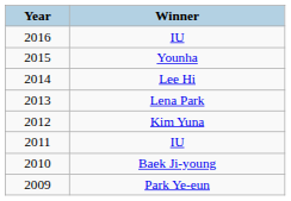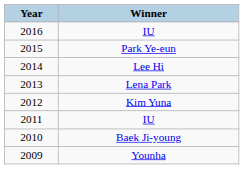 <table class="wikitable" style="text-align: center">
 <tr>
 <th width="70" style="background:#b3d1e3;">Year</th>
 <th width="250" style="background:#b3d1e3;">Winner</th>
 </tr>
 <tr>
 <td>2016</td>
 <td><a href='#'>IU</a></td>
 </tr>
 <tr>
 <td>2015</td>
-<td><a href='#'>Younha</a></td>
+<td><a href='#'>Park Ye-eun</a></td>
 </tr>
 <tr>
 <td>2014</td>
 <td><a href='#'>Lee Hi</a></td>
 </tr>
 <tr>
 <td>2013</td>
 <td><a href='#'>Lena Park</a></td>
 </tr>
 <tr>
 <td>2012</td>
 <td><a href='#'>Kim Yuna</a></td>
 </tr>
 <tr>
 <td>2011</td>
 <td><a href='#'>IU</a></td>
 </tr>
 <tr>
 <td>2010</td>
 <td><a href='#'>Baek Ji-young</a></td>
 </tr>
 <tr>
 <td>2009</td>
-<td><a href='#'>Park Ye-eun</a></td>
+<td><a href='#'>Younha</a></td>
 </tr>
 </table>
